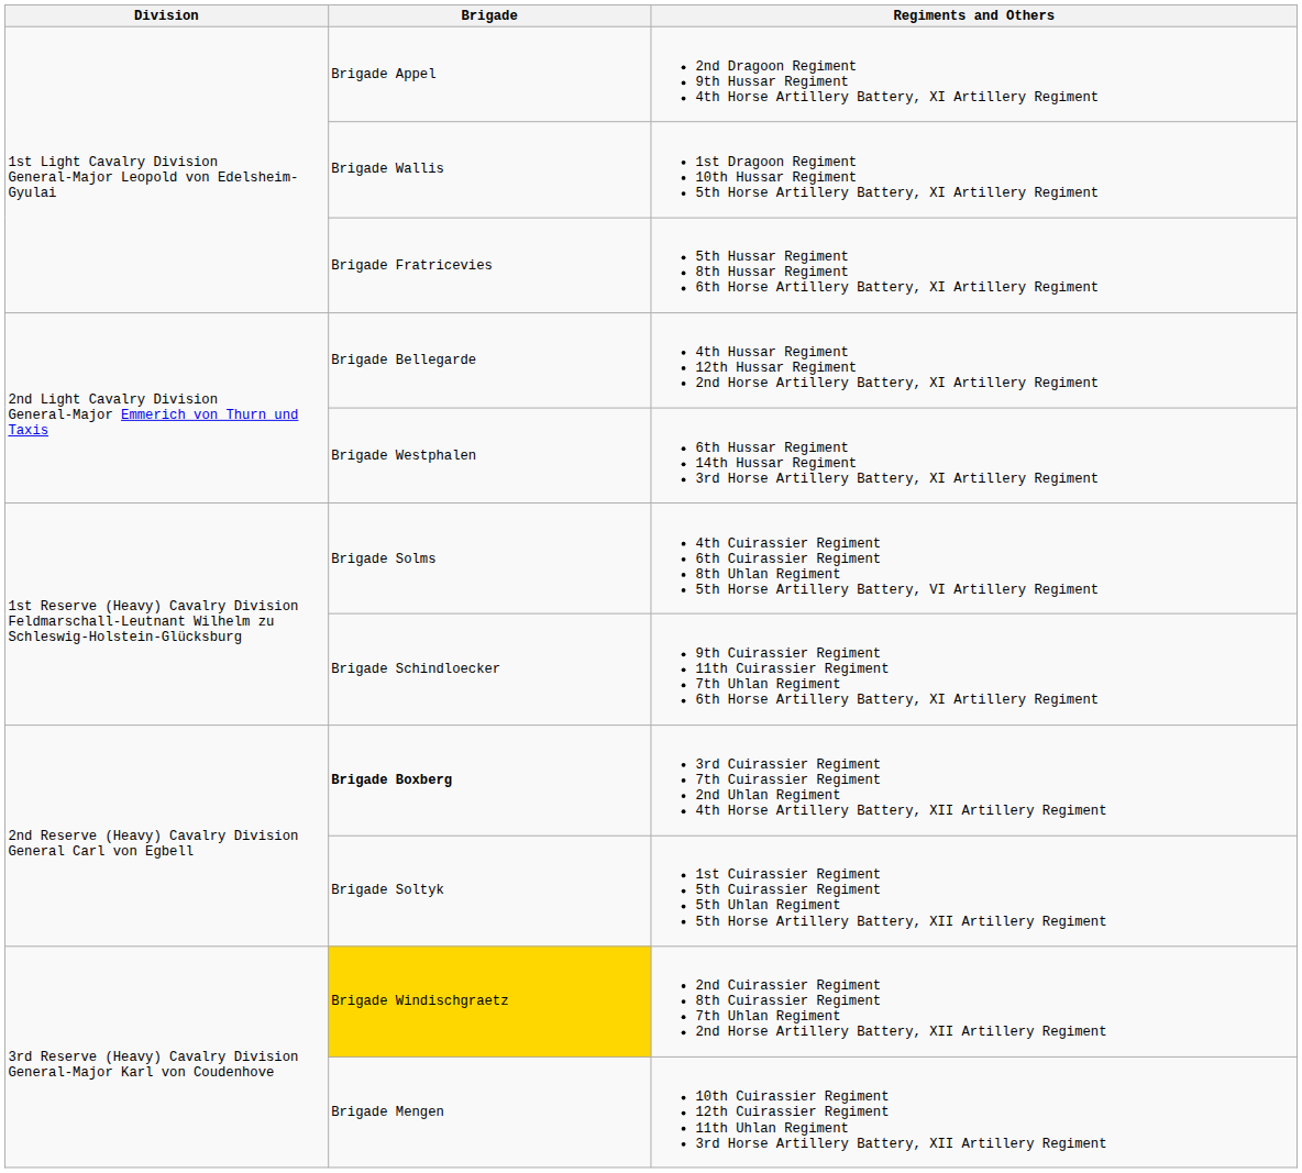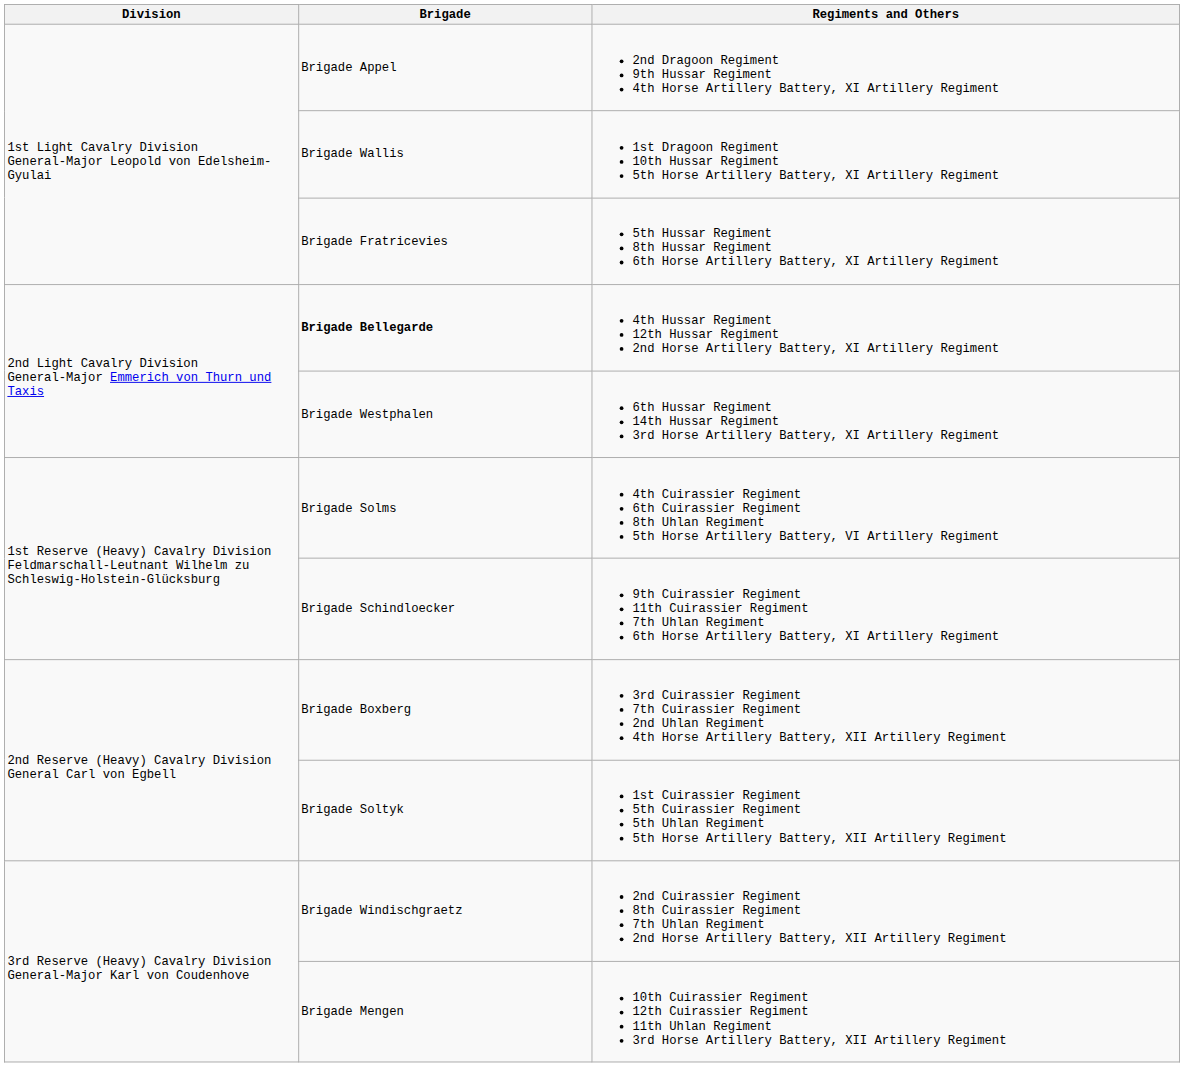 <table class="wikitable">
 <tr>
 <th style="width:25%;">Division</th>
 <th style="width:25%;">Brigade</th>
 <th>Regiments and Others</th>
 </tr>
 <tr>
 <td rowspan=3><br>1st Light Cavalry Division <br> General-Major Leopold von Edelsheim-Gyulai</td>
 <td>Brigade Appel</td>
 <td><br><ul><li>2nd Dragoon Regiment</li><li>9th Hussar Regiment</li><li>4th Horse Artillery Battery, XI Artillery Regiment</li></ul></td>
 </tr>
 <tr>
 <td>Brigade Wallis</td>
 <td><br><ul><li>1st Dragoon Regiment</li><li>10th Hussar Regiment</li><li>5th Horse Artillery Battery, XI Artillery Regiment</li></ul></td>
 </tr>
 <tr>
 <td>Brigade Fratricevies</td>
 <td><br><ul><li>5th Hussar Regiment</li><li>8th Hussar Regiment</li><li>6th Horse Artillery Battery, XI Artillery Regiment</li></ul></td>
 </tr>
 <tr>
 <td rowspan=2><br>2nd Light Cavalry Division <br> General-Major <a href='#'>Emmerich von Thurn und Taxis</a></td>
-<td>Brigade Bellegarde</td>
+<td><strong>Brigade Bellegarde</strong></td>
 <td><br><ul><li>4th Hussar Regiment</li><li>12th Hussar Regiment</li><li>2nd Horse Artillery Battery, XI Artillery Regiment</li></ul></td>
 </tr>
 <tr>
 <td>Brigade Westphalen</td>
 <td><br><ul><li>6th Hussar Regiment</li><li>14th Hussar Regiment</li><li>3rd Horse Artillery Battery, XI Artillery Regiment</li></ul></td>
 </tr>
 <tr>
 <td rowspan=2><br>1st Reserve (Heavy) Cavalry Division <br> Feldmarschall-Leutnant Wilhelm zu Schleswig-Holstein-Glücksburg</td>
 <td>Brigade Solms</td>
 <td><br><ul><li>4th Cuirassier Regiment</li><li>6th Cuirassier Regiment</li><li>8th Uhlan Regiment</li><li>5th Horse Artillery Battery, VI Artillery Regiment</li></ul></td>
 </tr>
 <tr>
 <td>Brigade Schindloecker</td>
 <td><br><ul><li>9th Cuirassier Regiment</li><li>11th Cuirassier Regiment</li><li>7th Uhlan Regiment</li><li>6th Horse Artillery Battery, XI Artillery Regiment</li></ul></td>
 </tr>
 <tr>
 <td rowspan=2><br>2nd Reserve (Heavy) Cavalry Division <br> General Carl von Egbell</td>
-<td><strong>Brigade Boxberg</strong></td>
+<td>Brigade Boxberg</td>
 <td><br><ul><li>3rd Cuirassier Regiment</li><li>7th Cuirassier Regiment</li><li>2nd Uhlan Regiment</li><li>4th Horse Artillery Battery, XII Artillery Regiment</li></ul></td>
 </tr>
 <tr>
 <td>Brigade Soltyk</td>
 <td><br><ul><li>1st Cuirassier Regiment</li><li>5th Cuirassier Regiment</li><li>5th Uhlan Regiment</li><li>5th Horse Artillery Battery, XII Artillery Regiment</li></ul></td>
 </tr>
 <tr>
 <td rowspan=2><br>3rd Reserve (Heavy) Cavalry Division <br> General-Major Karl von Coudenhove</td>
-<td style="background: gold;">Brigade Windischgraetz</td>
+<td>Brigade Windischgraetz</td>
 <td><br><ul><li>2nd Cuirassier Regiment</li><li>8th Cuirassier Regiment</li><li>7th Uhlan Regiment</li><li>2nd Horse Artillery Battery, XII Artillery Regiment</li></ul></td>
 </tr>
 <tr>
 <td>Brigade Mengen</td>
 <td><br><ul><li>10th Cuirassier Regiment</li><li>12th Cuirassier Regiment</li><li>11th Uhlan Regiment</li><li>3rd Horse Artillery Battery, XII Artillery Regiment</li></ul></td>
 </tr>
 </table>
